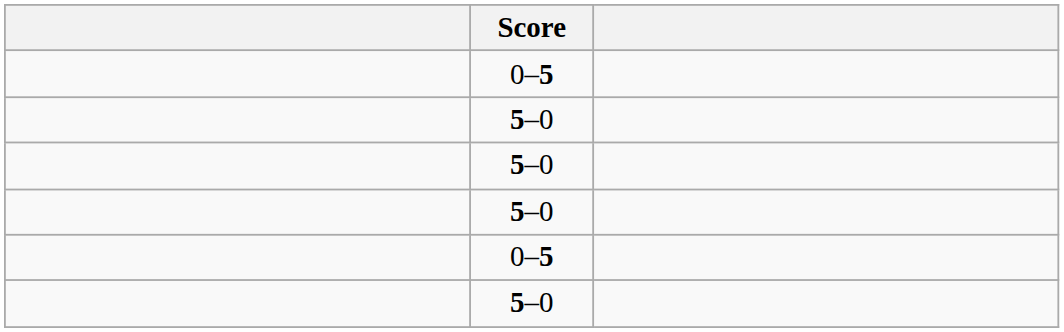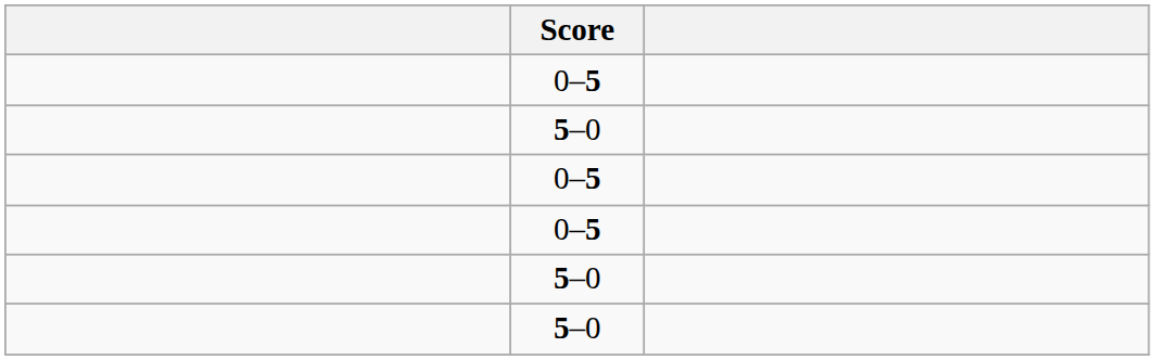 <table class="wikitable" style="text-align: center;">
 <tr>
 <th width=250></th>
 <th width=60>Score</th>
 <th width=250></th>
 </tr>
 <tr>
 <td align=left></td>
 <td>0–<strong>5</strong></td>
 <td align=left><strong></strong></td>
 </tr>
 <tr>
 <td align=left><strong></strong></td>
 <td><strong>5</strong>–0</td>
 <td align=left></td>
 </tr>
 <tr>
 <td align=left></td>
-<td><strong>5</strong>–0</td>
+<td>0–<strong>5</strong></td>
 <td align=left><strong></strong></td>
-</tr>
-<tr>
-<td align=left><strong></strong></td>
-<td><strong>5</strong>–0</td>
-<td align=left></td>
 </tr>
 <tr>
 <td align=left><strong></strong></td>
 <td>0–<strong>5</strong></td>
 <td align=left></td>
 </tr>
 <tr>
 <td align=left><strong></strong></td>
 <td><strong>5</strong>–0</td>
 <td align=left></td>
 </tr>
+<tr>
+<td align=left><strong></strong></td>
+<td><strong>5</strong>–0</td>
+<td align=left></td>
+</tr>
 </table>
